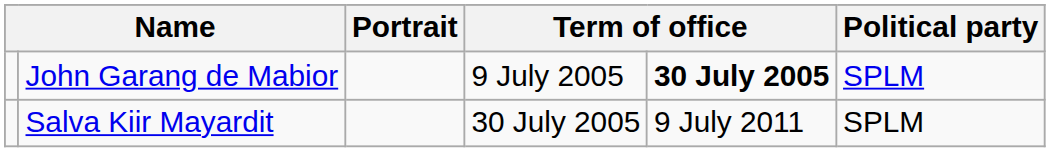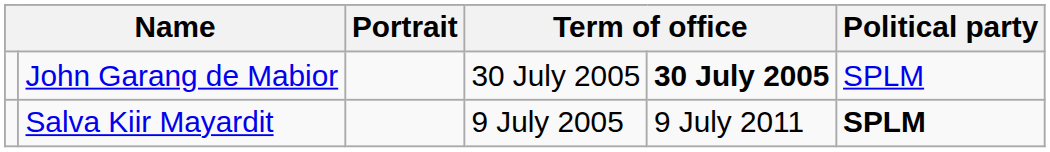 <table class="wikitable">
 <tr>
 <th colspan=2>Name</th>
 <th>Portrait</th>
 <th colspan=2>Term of office</th>
 <th>Political party</th>
 </tr>
 <tr>
 <td style="background-color: "></td>
 <td><a href='#'>John Garang de Mabior</a></td>
 <td></td>
-<td>9 July 2005</td>
+<td>30 July 2005</td>
 <td><strong>30 July 2005</strong></td>
 <td><a href='#'>SPLM</a></td>
 </tr>
 <tr>
 <td style="background-color: "></td>
 <td><a href='#'>Salva Kiir Mayardit</a></td>
 <td></td>
-<td>30 July 2005</td>
+<td>9 July 2005</td>
 <td>9 July 2011</td>
-<td>SPLM</td>
+<td><strong>SPLM</strong></td>
 </tr>
 </table>
